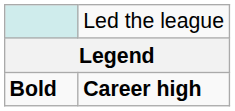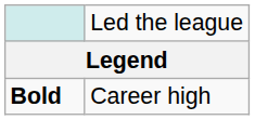 <table class="wikitable mw-collapsible">
 <tr>
 <td style="background:#cfecec; width:3em;"></td>
 <td>Led the league</td>
 </tr>
 <tr>
 <th colspan="2">Legend</th>
 </tr>
 <tr>
 <td><strong>Bold</strong></td>
-<td><strong>Career high</strong></td>
+<td>Career high</td>
 </tr>
 </table>
